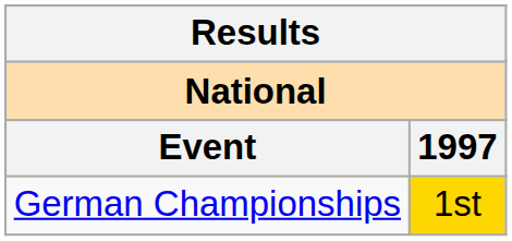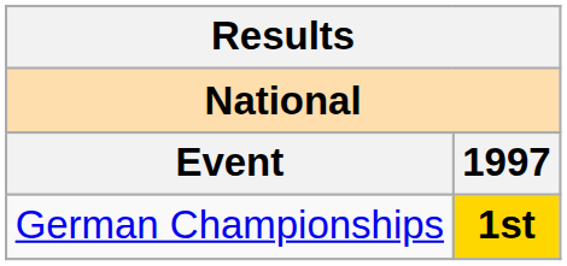 <table class="wikitable" style="text-align:center">
 <tr>
 <th colspan=2 align=center><strong>Results</strong></th>
 </tr>
 <tr>
 <th style="background-color: #ffdead; " colspan=2 align=center><strong>National</strong></th>
 </tr>
 <tr>
 <th>Event</th>
 <th>1997</th>
 </tr>
 <tr>
 <td align=left><a href='#'>German Championships</a></td>
-<td bgcolor=gold>1st</td>
+<td bgcolor=gold><strong>1st</strong></td>
 </tr>
 </table>
